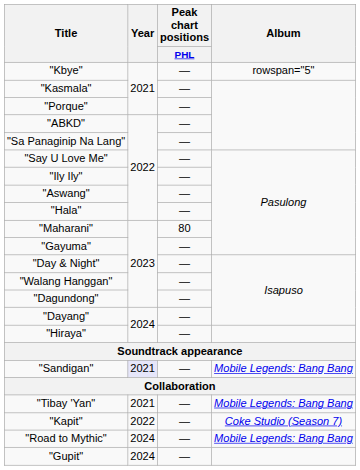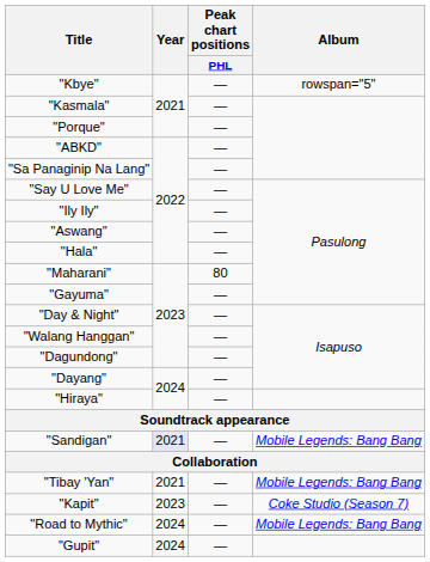 <table class="wikitable plainrowheaders" style="text-align:center;">
 <tr>
 <th scope="col" rowspan="2">Title</th>
 <th scope="col" rowspan="2">Year</th>
 <th scope="col" colspan="1">Peak chart positions</th>
 <th scope="col" rowspan="2">Album</th>
 </tr>
 <tr>
 <th scope="col" style="font-size:90%; width:3.5em"><a href='#'>PHL</a><br></th>
 </tr>
 <tr>
 <td>"Kbye"</td>
 <td rowspan="3">2021</td>
 <td>—</td>
 <td>rowspan="5" </td>
 </tr>
 <tr>
 <td>"Kasmala"</td>
 <td>—</td>
 </tr>
 <tr>
 <td>"Porque"</td>
 <td>—</td>
 </tr>
 <tr>
 <td>"ABKD"</td>
 <td rowspan="6">2022</td>
 <td>—</td>
 </tr>
 <tr>
 <td>"Sa Panaginip Na Lang"</td>
 <td>—</td>
 </tr>
 <tr>
 <td>"Say U Love Me"</td>
 <td>—</td>
 <td rowspan="6"><em>Pasulong</em></td>
 </tr>
 <tr>
 <td>"Ily Ily"<br></td>
 <td>—</td>
 </tr>
 <tr>
 <td>"Aswang"</td>
 <td>—</td>
 </tr>
 <tr>
 <td>"Hala"</td>
 <td>—</td>
 </tr>
 <tr>
 <td>"Maharani"</td>
 <td rowspan="5">2023</td>
 <td>80</td>
 </tr>
 <tr>
 <td>"Gayuma"</td>
 <td>—</td>
 </tr>
 <tr>
 <td>"Day & Night"</td>
 <td>—</td>
 <td rowspan="4"><em>Isapuso</em></td>
 </tr>
 <tr>
 <td>"Walang Hanggan"</td>
 <td>—</td>
 </tr>
 <tr>
 <td>"Dagundong"</td>
 <td>—</td>
 </tr>
 <tr>
 <td>"Dayang"</td>
 <td rowspan="2">2024</td>
 <td>—</td>
 </tr>
 <tr>
 <td>"Hiraya"</td>
 <td>—</td>
 <td></td>
 </tr>
 <tr>
 <th colspan="4">Soundtrack appearance</th>
 </tr>
 <tr>
 <td>"Sandigan"</td>
 <td style="background: lavender;">2021</td>
 <td>—</td>
 <td><em><a href='#'>Mobile Legends: Bang Bang</a></em></td>
 </tr>
 <tr>
 <th colspan="8">Collaboration</th>
 </tr>
 <tr>
 <td>"Tibay 'Yan"<br></td>
 <td>2021</td>
 <td>—</td>
 <td><em><a href='#'>Mobile Legends: Bang Bang</a></em></td>
 </tr>
 <tr>
 <td>"Kapit"<br></td>
-<td>2022</td>
+<td>2023</td>
 <td>—</td>
 <td><em><a href='#'>Coke Studio (Season 7)</a></em></td>
 </tr>
 <tr>
 <td>"Road to Mythic"<br></td>
 <td>2024</td>
 <td>—</td>
 <td><em><a href='#'>Mobile Legends: Bang Bang</a></em></td>
 </tr>
 <tr>
 <td>"Gupit"<br></td>
 <td>2024</td>
 <td>—</td>
 <td></td>
 </tr>
 </table>
